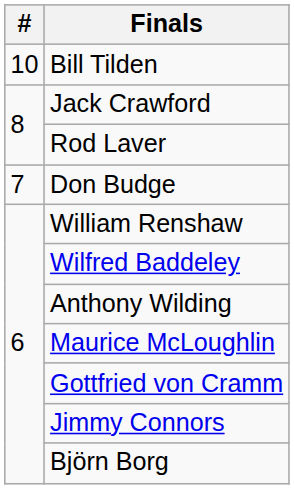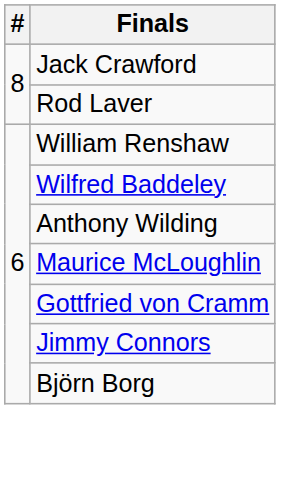 <table class=wikitable style="display:inline-table;">
 <tr>
 <th>#</th>
 <th>Finals</th>
-</tr>
-<tr>
-<td>10</td>
-<td> Bill Tilden</td>
 </tr>
 <tr>
 <td rowspan="2">8</td>
 <td> Jack Crawford</td>
 </tr>
 <tr>
 <td> Rod Laver</td>
-</tr>
-<tr>
-<td>7</td>
-<td> Don Budge</td>
 </tr>
 <tr>
 <td rowspan="7">6</td>
 <td> William Renshaw</td>
 </tr>
 <tr>
 <td> <a href='#'>Wilfred Baddeley</a></td>
 </tr>
 <tr>
 <td> Anthony Wilding</td>
 </tr>
 <tr>
 <td> <a href='#'>Maurice McLoughlin</a></td>
 </tr>
 <tr>
 <td> <a href='#'>Gottfried von Cramm</a></td>
 </tr>
 <tr>
 <td> <a href='#'>Jimmy Connors</a></td>
 </tr>
 <tr>
 <td> Björn Borg</td>
 </tr>
 </table>
